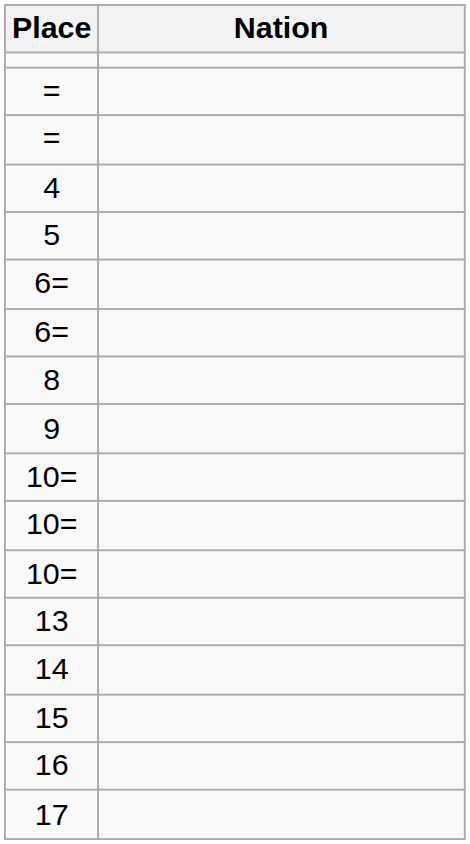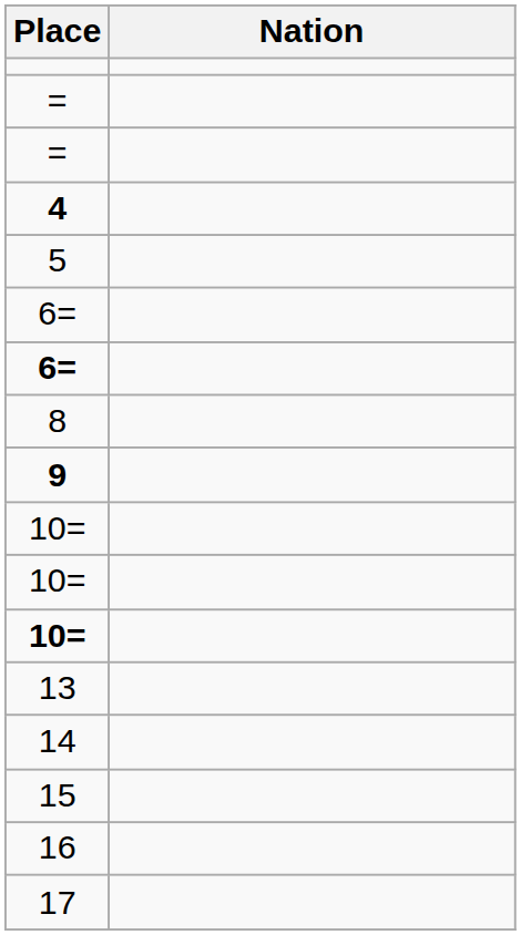 <table class=wikitable style=text-align:center>
 <tr>
 <th width=35>Place</th>
 <th width=185>Nation</th>
 </tr>
 <tr>
 <td></td>
 <td style=text-align:left></td>
 </tr>
 <tr>
 <td>=</td>
 <td style=text-align:left></td>
 </tr>
 <tr>
 <td>=</td>
 <td style=text-align:left></td>
 </tr>
 <tr>
-<td>4</td>
+<td><strong>4</strong></td>
 <td style=text-align:left></td>
 </tr>
 <tr>
 <td>5</td>
 <td style=text-align:left></td>
 </tr>
 <tr>
 <td>6=</td>
 <td style=text-align:left></td>
 </tr>
 <tr>
-<td>6=</td>
+<td><strong>6=</strong></td>
 <td style=text-align:left></td>
 </tr>
 <tr>
 <td>8</td>
 <td style=text-align:left></td>
 </tr>
 <tr>
-<td>9</td>
+<td><strong>9</strong></td>
 <td style=text-align:left></td>
 </tr>
 <tr>
 <td>10=</td>
 <td style=text-align:left></td>
 </tr>
 <tr>
 <td>10=</td>
 <td style=text-align:left></td>
 </tr>
 <tr>
-<td>10=</td>
+<td><strong>10=</strong></td>
 <td style=text-align:left></td>
 </tr>
 <tr>
 <td>13</td>
 <td style=text-align:left></td>
 </tr>
 <tr>
 <td>14</td>
 <td style=text-align:left></td>
 </tr>
 <tr>
 <td>15</td>
 <td style=text-align:left></td>
 </tr>
 <tr>
 <td>16</td>
 <td style=text-align:left></td>
 </tr>
 <tr>
 <td>17</td>
 <td style=text-align:left></td>
 </tr>
 </table>
